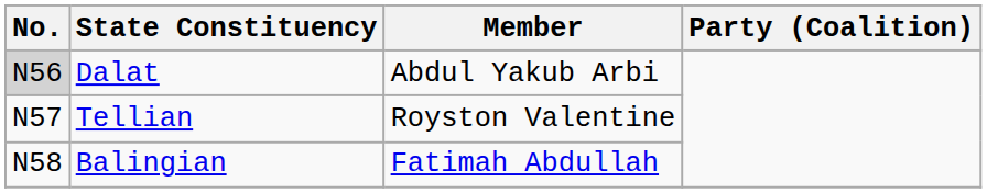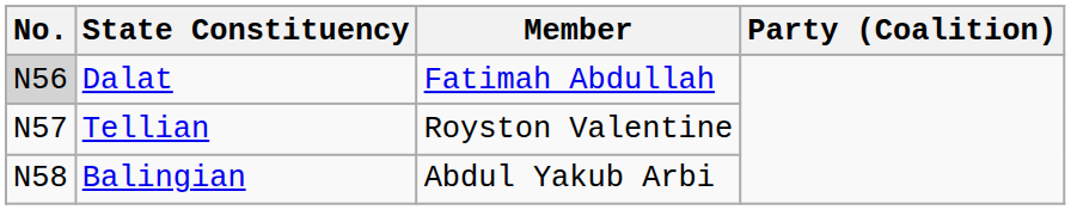 <table class="wikitable">
 <tr>
 <th>No.</th>
 <th>State Constituency</th>
 <th>Member</th>
 <th>Party (Coalition)</th>
 </tr>
 <tr>
 <td style="background: lightgrey;">N56</td>
 <td><a href='#'>Dalat</a></td>
-<td>Abdul Yakub Arbi</td>
+<td><a href='#'>Fatimah Abdullah</a></td>
 <td rowspan="3"></td>
 </tr>
 <tr>
 <td>N57</td>
 <td><a href='#'>Tellian</a></td>
 <td>Royston Valentine</td>
 </tr>
 <tr>
 <td>N58</td>
 <td><a href='#'>Balingian</a></td>
-<td><a href='#'>Fatimah Abdullah</a></td>
+<td>Abdul Yakub Arbi</td>
 </tr>
 </table>
